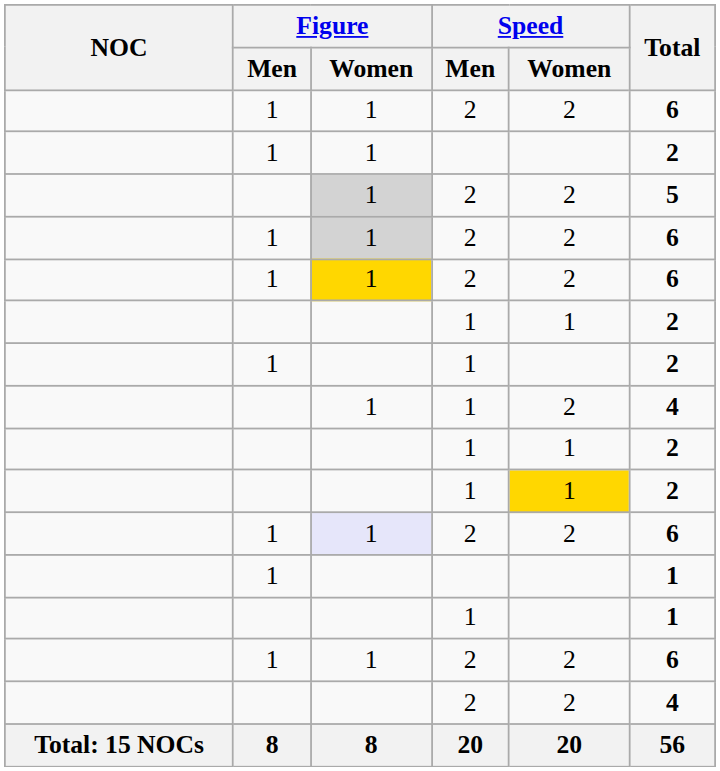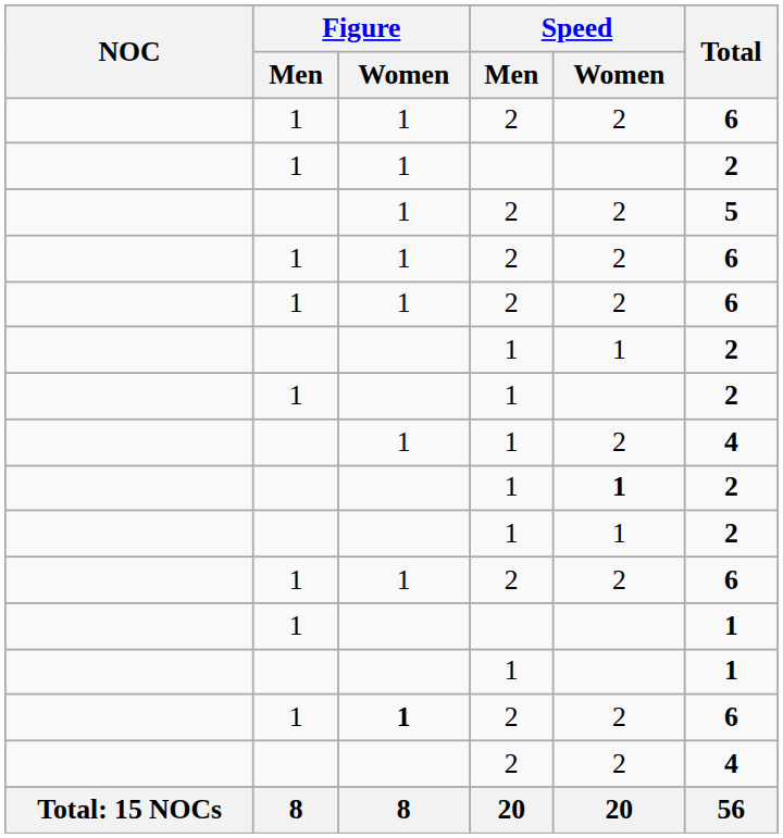 <table class="wikitable" width=400 style="text-align:center; font-size:90%">
 <tr>
 <th rowspan="2" align="left">NOC</th>
 <th colspan="2"><a href='#'>Figure</a></th>
 <th colspan="2"><a href='#'>Speed</a></th>
 <th rowspan="2">Total</th>
 </tr>
 <tr>
 <th>Men</th>
 <th>Women</th>
 <th>Men</th>
 <th>Women</th>
 </tr>
 <tr>
 <td align="left"></td>
 <td>1</td>
 <td>1</td>
 <td>2</td>
 <td>2</td>
 <td><strong>6</strong></td>
 </tr>
 <tr>
 <td align="left"></td>
 <td>1</td>
 <td>1</td>
 <td></td>
 <td></td>
 <td><strong>2</strong></td>
 </tr>
 <tr>
 <td align="left"></td>
 <td></td>
-<td style="background: lightgrey;">1</td>
+<td>1</td>
 <td>2</td>
 <td>2</td>
 <td><strong>5</strong></td>
 </tr>
 <tr>
 <td align="left"></td>
 <td>1</td>
-<td style="background: lightgrey;">1</td>
+<td>1</td>
 <td>2</td>
 <td>2</td>
 <td><strong>6</strong></td>
 </tr>
 <tr>
 <td align="left"></td>
 <td>1</td>
-<td style="background: gold;">1</td>
+<td>1</td>
 <td>2</td>
 <td>2</td>
 <td><strong>6</strong></td>
 </tr>
 <tr>
 <td align="left"></td>
 <td></td>
 <td></td>
 <td>1</td>
 <td>1</td>
 <td><strong>2</strong></td>
 </tr>
 <tr>
 <td align="left"></td>
 <td>1</td>
 <td></td>
 <td>1</td>
 <td></td>
 <td><strong>2</strong></td>
 </tr>
 <tr>
 <td align="left"></td>
 <td></td>
 <td>1</td>
 <td>1</td>
 <td>2</td>
 <td><strong>4</strong></td>
 </tr>
 <tr>
 <td align="left"></td>
 <td></td>
 <td></td>
 <td>1</td>
-<td>1</td>
+<td><strong>1</strong></td>
 <td><strong>2</strong></td>
 </tr>
 <tr>
 <td align="left"></td>
 <td></td>
 <td></td>
 <td>1</td>
-<td style="background: gold;">1</td>
+<td>1</td>
 <td><strong>2</strong></td>
 </tr>
 <tr>
 <td align="left"></td>
 <td>1</td>
-<td style="background: lavender;">1</td>
+<td>1</td>
 <td>2</td>
 <td>2</td>
 <td><strong>6</strong></td>
 </tr>
 <tr>
 <td align="left"></td>
 <td>1</td>
 <td></td>
 <td></td>
 <td></td>
 <td><strong>1</strong></td>
 </tr>
 <tr>
 <td align="left"></td>
 <td></td>
 <td></td>
 <td>1</td>
 <td></td>
 <td><strong>1</strong></td>
 </tr>
 <tr>
 <td align="left"></td>
 <td>1</td>
-<td>1</td>
+<td><strong>1</strong></td>
 <td>2</td>
 <td>2</td>
 <td><strong>6</strong></td>
 </tr>
 <tr>
 <td align="left"></td>
 <td></td>
 <td></td>
 <td>2</td>
 <td>2</td>
 <td><strong>4</strong></td>
 </tr>
 <tr>
 <th>Total: 15 NOCs</th>
 <th>8</th>
 <th>8</th>
 <th>20</th>
 <th>20</th>
 <th>56</th>
 </tr>
 </table>
